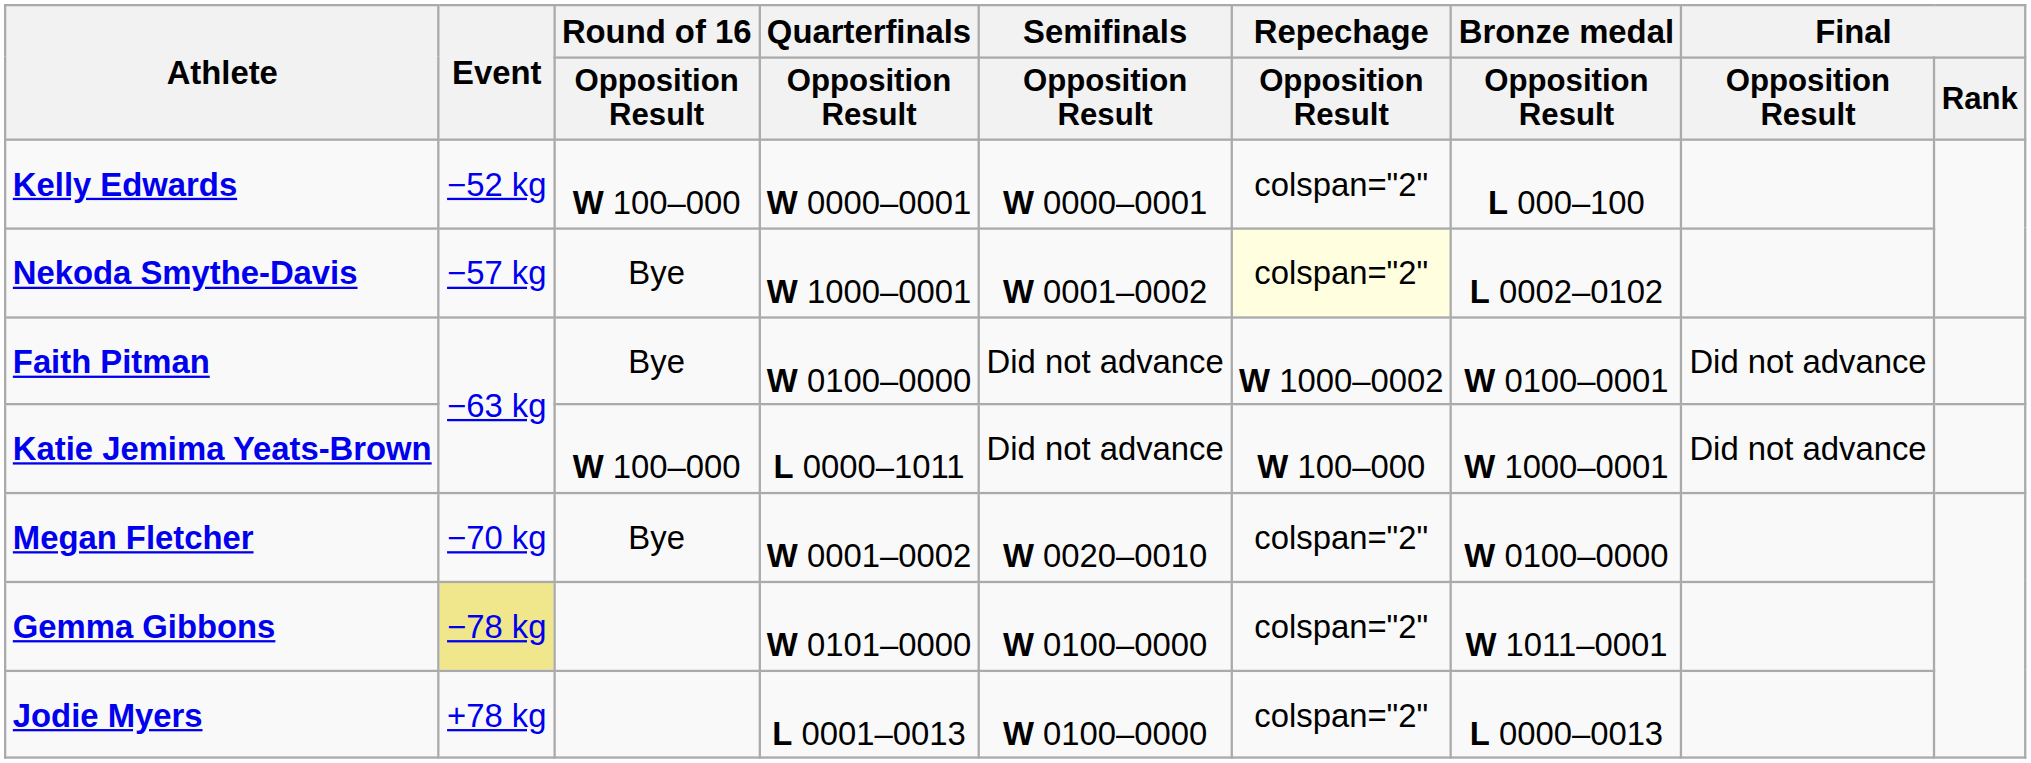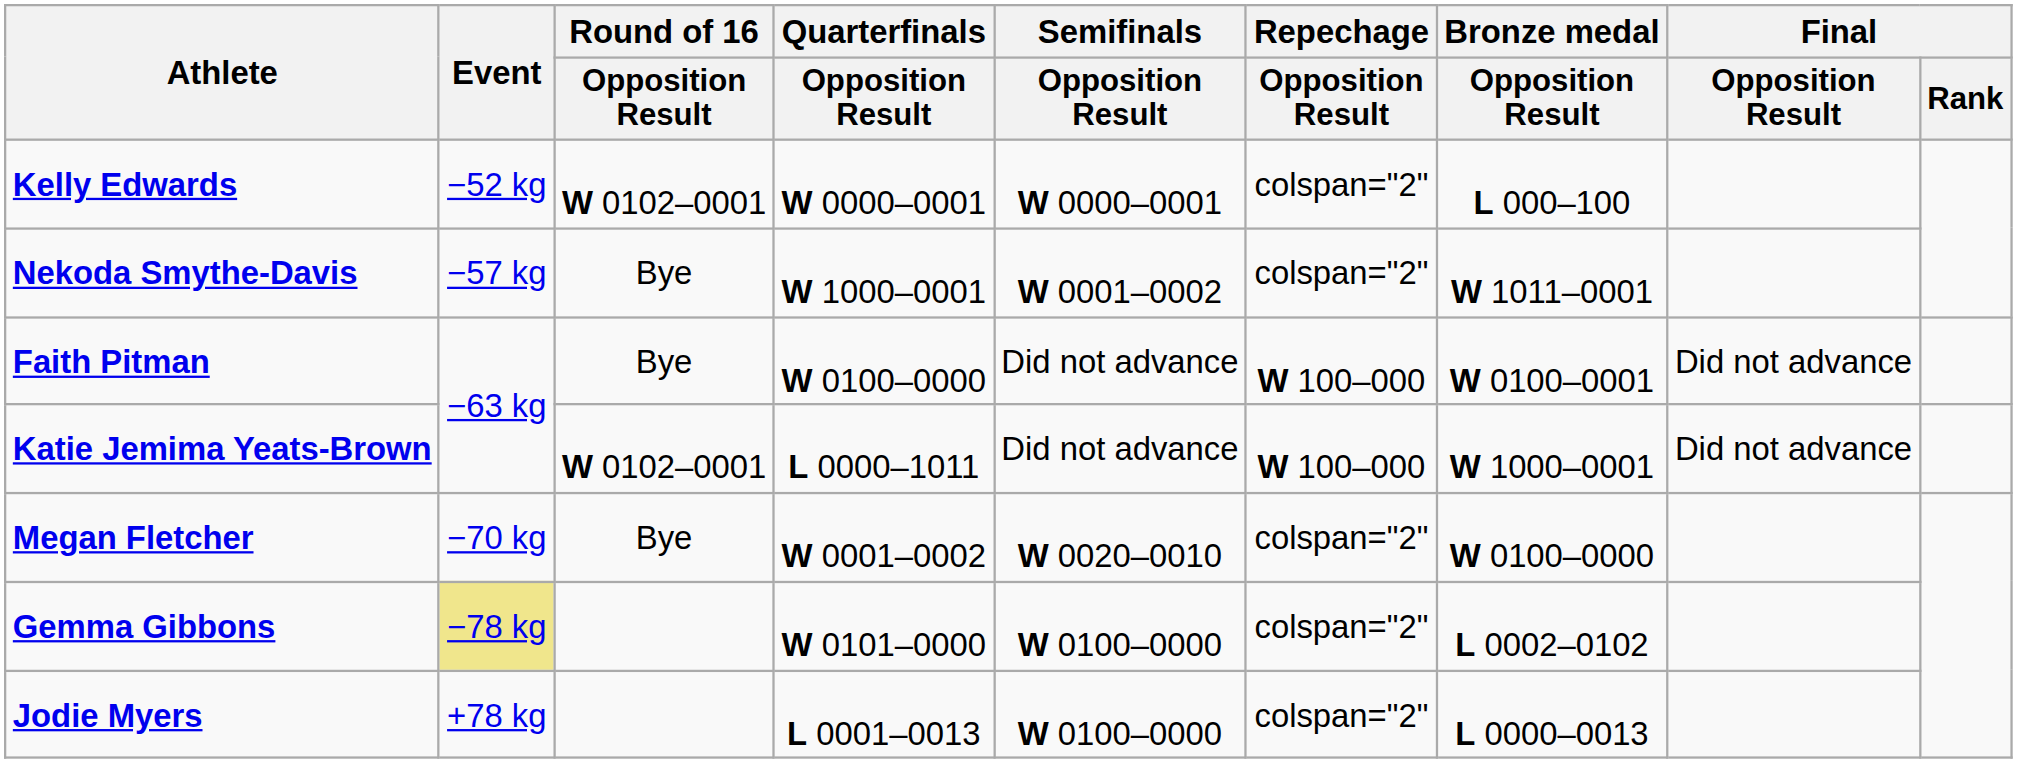 <table class="wikitable" style="font-size:90%;">
 <tr>
 <th rowspan=2>Athlete</th>
 <th rowspan=2>Event</th>
 <th>Round of 16</th>
 <th>Quarterfinals</th>
 <th>Semifinals</th>
 <th>Repechage</th>
 <th>Bronze medal</th>
 <th colspan=2>Final</th>
 </tr>
 <tr style="font-size:95%">
 <th>Opposition<br>Result</th>
 <th>Opposition<br>Result</th>
 <th>Opposition<br>Result</th>
 <th>Opposition<br>Result</th>
 <th>Opposition<br>Result</th>
 <th>Opposition<br>Result</th>
 <th>Rank</th>
 </tr>
 <tr align=center>
 <td align=left><strong><a href='#'>Kelly Edwards</a></strong></td>
 <td align=left><a href='#'>−52 kg</a></td>
-<td><br><strong>W</strong> 100–000</td>
+<td><br><strong>W</strong> 0102–0001</td>
 <td><br><strong>W</strong> 0000–0001</td>
 <td><br><strong>W</strong> 0000–0001</td>
 <td>colspan="2" </td>
 <td><br><strong>L</strong> 000–100</td>
 <td></td>
 </tr>
 <tr align=center>
 <td align=left><strong><a href='#'>Nekoda Smythe-Davis</a></strong></td>
 <td align=left><a href='#'>−57 kg</a></td>
 <td>Bye</td>
 <td><br><strong>W</strong> 1000–0001</td>
 <td><br><strong>W</strong> 0001–0002</td>
-<td style="background: lightyellow;">colspan="2" </td>
-<td><br><strong>L</strong> 0002–0102</td>
+<td>colspan="2" </td>
+<td><br><strong>W</strong> 1011–0001</td>
 <td></td>
 </tr>
 <tr align=center>
 <td align=left><strong><a href='#'>Faith Pitman</a></strong></td>
 <td style="text-align:left;" rowspan="2"><a href='#'>−63 kg</a></td>
 <td>Bye</td>
 <td><br><strong>W</strong> 0100–0000</td>
 <td>Did not advance</td>
-<td><br><strong>W</strong> 1000–0002</td>
+<td><br><strong>W</strong> 100–000</td>
 <td><br><strong>W</strong> 0100–0001</td>
 <td>Did not advance</td>
 <td></td>
 </tr>
 <tr align=center>
 <td align=left><strong><a href='#'>Katie Jemima Yeats-Brown</a></strong></td>
-<td><br><strong>W</strong> 100–000</td>
+<td><br><strong>W</strong> 0102–0001</td>
 <td><br><strong>L</strong> 0000–1011</td>
 <td>Did not advance</td>
 <td><br><strong>W</strong> 100–000</td>
 <td><br><strong>W</strong> 1000–0001</td>
 <td>Did not advance</td>
 <td></td>
 </tr>
 <tr align=center>
 <td align=left><strong><a href='#'>Megan Fletcher</a></strong></td>
 <td align=left><a href='#'>−70 kg</a></td>
 <td>Bye</td>
 <td><br><strong>W</strong> 0001–0002</td>
 <td><br><strong>W</strong> 0020–0010</td>
 <td>colspan="2" </td>
 <td><br><strong>W</strong> 0100–0000</td>
 <td></td>
 </tr>
 <tr align=center>
 <td align=left><strong><a href='#'>Gemma Gibbons</a></strong></td>
 <td align=left style="background: khaki;"><a href='#'>−78 kg</a></td>
 <td></td>
 <td><br><strong>W</strong> 0101–0000</td>
 <td><br><strong>W</strong> 0100–0000</td>
 <td>colspan="2" </td>
-<td><br><strong>W</strong> 1011–0001</td>
+<td><br><strong>L</strong> 0002–0102</td>
 <td></td>
 </tr>
 <tr align=center>
 <td align=left><strong><a href='#'>Jodie Myers</a></strong></td>
 <td align=left><a href='#'>+78 kg</a></td>
 <td></td>
 <td><br><strong>L</strong> 0001–0013</td>
 <td><br><strong>W</strong> 0100–0000</td>
 <td>colspan="2" </td>
 <td><br><strong>L</strong> 0000–0013</td>
 <td></td>
 </tr>
 </table>
